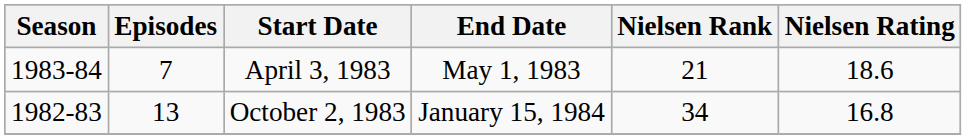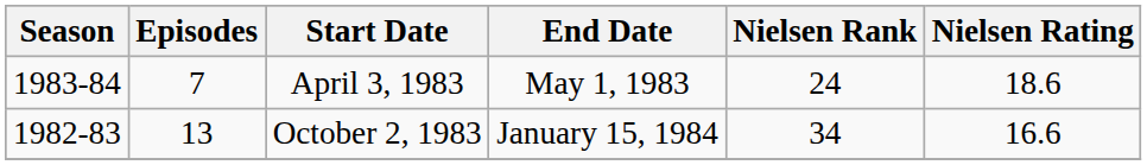 <table class="wikitable" style="text-align: center">
 <tr>
 <th>Season</th>
 <th>Episodes</th>
 <th>Start Date</th>
 <th>End Date</th>
 <th>Nielsen Rank</th>
 <th>Nielsen Rating</th>
 </tr>
 <tr>
 <td style="text-align:center">1983-84</td>
 <td style="text-align:center">7</td>
 <td style="text-align:center">April 3, 1983</td>
 <td style="text-align:center">May 1, 1983</td>
-<td style="text-align:center:">21</td>
+<td style="text-align:center:">24</td>
 <td style="text-align:center">18.6</td>
 </tr>
 <tr>
 <td style="text-align:center">1982-83</td>
 <td style="text-align:center">13</td>
 <td style="text-align:center">October 2, 1983</td>
 <td style="text-align:center">January 15, 1984</td>
 <td style="text-align:center:">34</td>
-<td style="text-align:center">16.8</td>
+<td style="text-align:center">16.6</td>
 </tr>
 <tr>
 </tr>
 </table>
